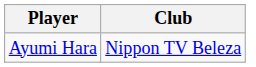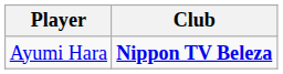 <table class="wikitable">
 <tr>
 <th>Player</th>
 <th>Club</th>
 </tr>
 <tr>
 <td> <a href='#'>Ayumi Hara</a></td>
-<td><a href='#'>Nippon TV Beleza</a></td>
+<td><strong><a href='#'>Nippon TV Beleza</a></strong></td>
 </tr>
 </table>
